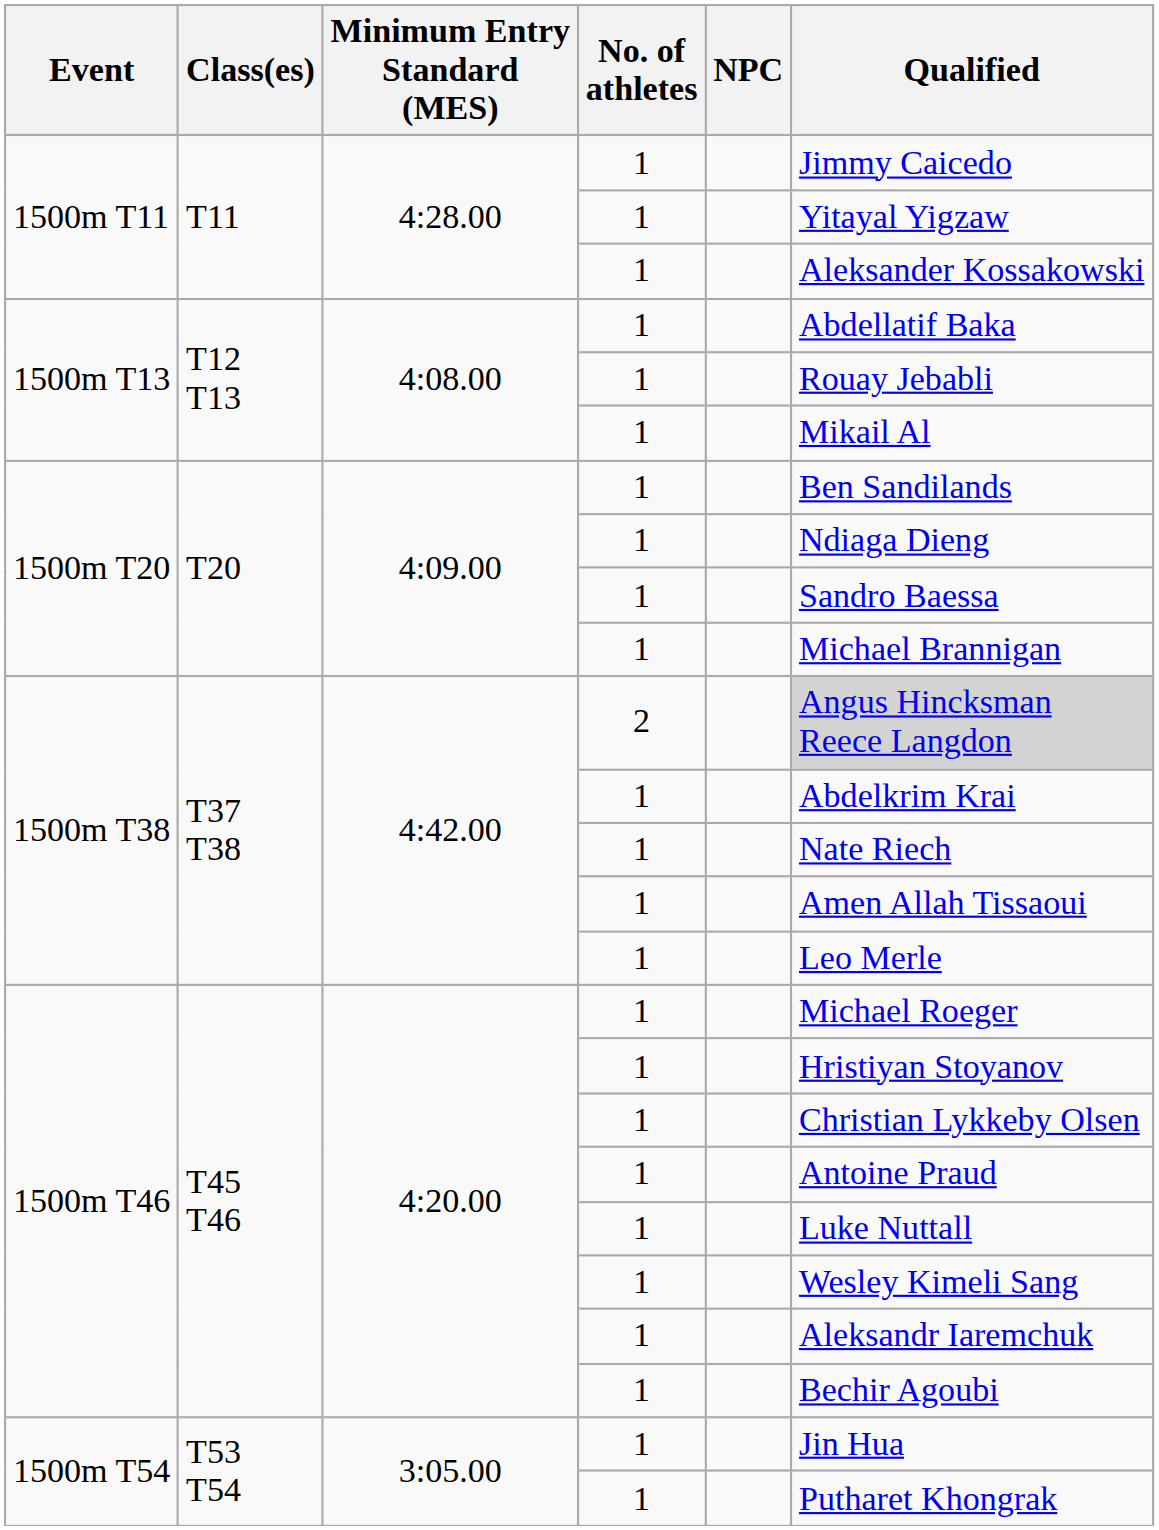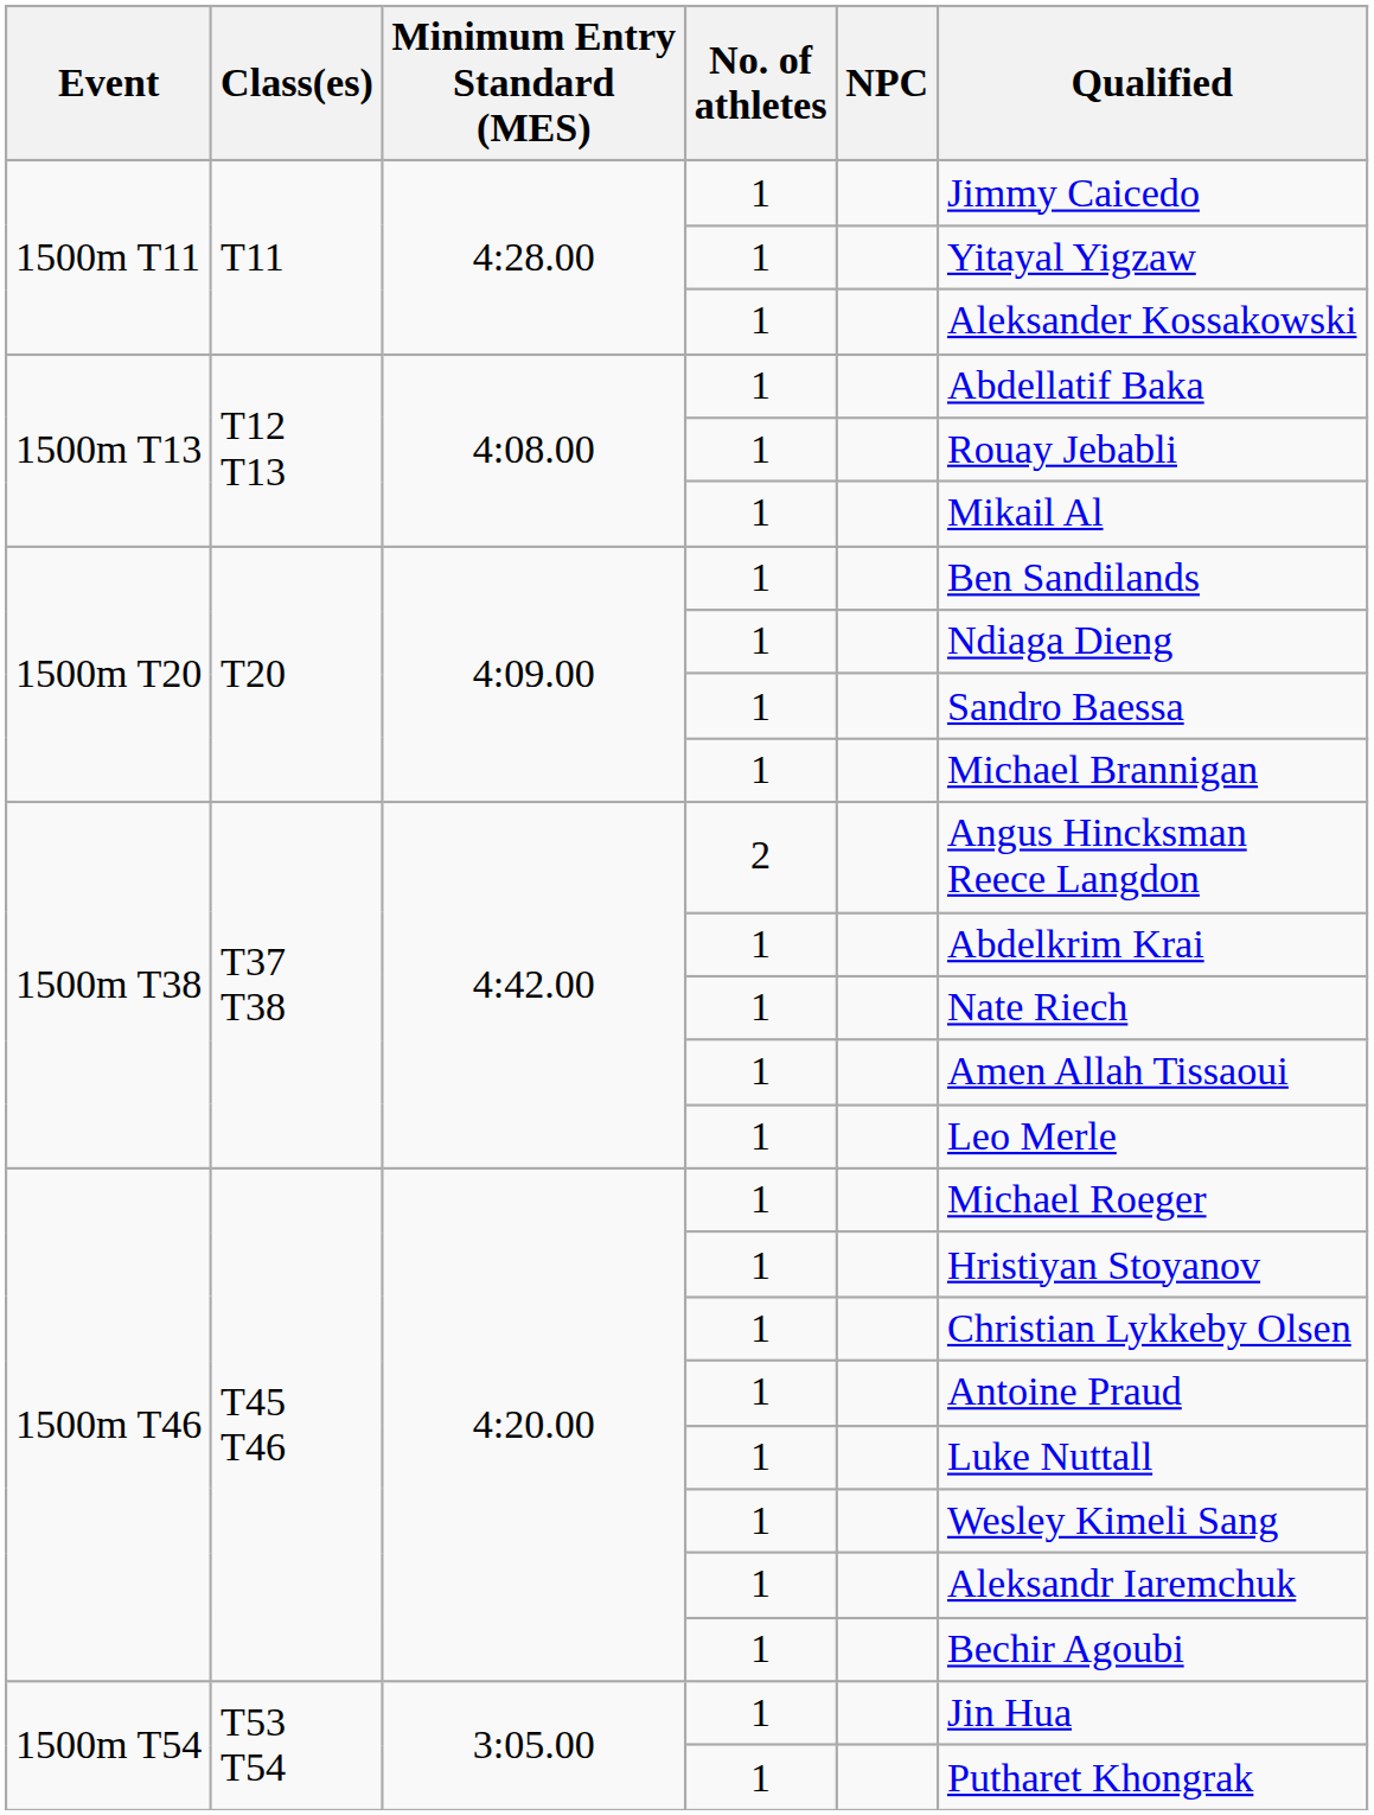 <table class="wikitable">
 <tr>
 <th>Event</th>
 <th>Class(es)</th>
 <th>Minimum Entry<br>Standard<br>(MES)</th>
 <th>No. of<br>athletes</th>
 <th>NPC</th>
 <th>Qualified</th>
 </tr>
 <tr>
 <td rowspan=3>1500m T11</td>
 <td rowspan=3>T11</td>
 <td rowspan=3 align=center>4:28.00</td>
 <td align=center>1</td>
 <td></td>
 <td><a href='#'>Jimmy Caicedo</a></td>
 </tr>
 <tr>
 <td align=center>1</td>
 <td></td>
 <td><a href='#'>Yitayal Yigzaw</a></td>
 </tr>
 <tr>
 <td align=center>1</td>
 <td></td>
 <td><a href='#'>Aleksander Kossakowski</a></td>
 </tr>
 <tr>
 <td rowspan=3>1500m T13</td>
 <td rowspan=3>T12<br>T13</td>
 <td rowspan=3 align=center>4:08.00</td>
 <td align=center>1</td>
 <td></td>
 <td><a href='#'>Abdellatif Baka</a></td>
 </tr>
 <tr>
 <td align=center>1</td>
 <td></td>
 <td><a href='#'>Rouay Jebabli</a></td>
 </tr>
 <tr>
 <td align=center>1</td>
 <td></td>
 <td><a href='#'>Mikail Al</a></td>
 </tr>
 <tr>
 <td rowspan=4>1500m T20</td>
 <td rowspan=4>T20</td>
 <td rowspan=4 align=center>4:09.00</td>
 <td align=center>1</td>
 <td></td>
 <td><a href='#'>Ben Sandilands</a></td>
 </tr>
 <tr>
 <td align=center>1</td>
 <td></td>
 <td><a href='#'>Ndiaga Dieng</a></td>
 </tr>
 <tr>
 <td align=center>1</td>
 <td></td>
 <td><a href='#'>Sandro Baessa</a></td>
 </tr>
 <tr>
 <td align=center>1</td>
 <td></td>
 <td><a href='#'>Michael Brannigan</a></td>
 </tr>
 <tr>
 <td rowspan=5>1500m T38</td>
 <td rowspan=5>T37<br>T38</td>
 <td rowspan=5 align=center>4:42.00</td>
 <td align=center>2</td>
 <td></td>
-<td style="background: lightgrey;"><a href='#'>Angus Hincksman</a><br><a href='#'>Reece Langdon</a></td>
+<td><a href='#'>Angus Hincksman</a><br><a href='#'>Reece Langdon</a></td>
 </tr>
 <tr>
 <td align=center>1</td>
 <td></td>
 <td><a href='#'>Abdelkrim Krai</a></td>
 </tr>
 <tr>
 <td align=center>1</td>
 <td></td>
 <td><a href='#'>Nate Riech</a></td>
 </tr>
 <tr>
 <td align=center>1</td>
 <td></td>
 <td><a href='#'>Amen Allah Tissaoui</a></td>
 </tr>
 <tr>
 <td align=center>1</td>
 <td></td>
 <td><a href='#'>Leo Merle</a></td>
 </tr>
 <tr>
 <td rowspan=8>1500m T46</td>
 <td rowspan=8>T45<br>T46</td>
 <td rowspan=8 align=center>4:20.00</td>
 <td align=center>1</td>
 <td></td>
 <td><a href='#'>Michael Roeger</a></td>
 </tr>
 <tr>
 <td align=center>1</td>
 <td></td>
 <td><a href='#'>Hristiyan Stoyanov</a></td>
 </tr>
 <tr>
 <td align=center>1</td>
 <td></td>
 <td><a href='#'>Christian Lykkeby Olsen</a></td>
 </tr>
 <tr>
 <td align=center>1</td>
 <td></td>
 <td><a href='#'>Antoine Praud</a></td>
 </tr>
 <tr>
 <td align=center>1</td>
 <td></td>
 <td><a href='#'>Luke Nuttall</a></td>
 </tr>
 <tr>
 <td align=center>1</td>
 <td></td>
 <td><a href='#'>Wesley Kimeli Sang</a></td>
 </tr>
 <tr>
 <td align=center>1</td>
 <td></td>
 <td><a href='#'>Aleksandr Iaremchuk</a></td>
 </tr>
 <tr>
 <td align=center>1</td>
 <td></td>
 <td><a href='#'>Bechir Agoubi</a></td>
 </tr>
 <tr>
 <td rowspan=2>1500m T54</td>
 <td rowspan=2>T53<br>T54</td>
 <td rowspan=2 align=center>3:05.00</td>
 <td align=center>1</td>
 <td></td>
 <td><a href='#'>Jin Hua</a></td>
 </tr>
 <tr>
 <td align=center>1</td>
 <td></td>
 <td><a href='#'>Putharet Khongrak</a></td>
 </tr>
 </table>
